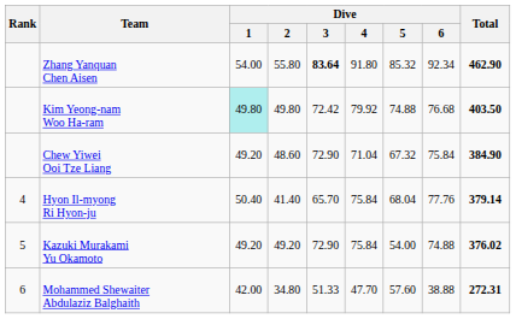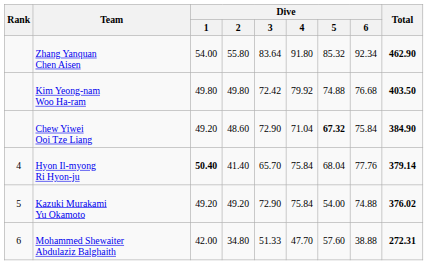 <table class=wikitable style="text-align:center">
 <tr>
 <th rowspan="2" width=40>Rank</th>
 <th rowspan="2" width=250>Team</th>
 <th colspan="6">Dive</th>
 <th rowspan="2" width=60>Total</th>
 </tr>
 <tr>
 <th width=45>1</th>
 <th width=45>2</th>
 <th width=45>3</th>
 <th width=45>4</th>
 <th width=45>5</th>
 <th width=45>6</th>
 </tr>
 <tr>
 <td></td>
 <td align=left><br><a href='#'>Zhang Yanquan</a><br><a href='#'>Chen Aisen</a></td>
 <td>54.00</td>
 <td>55.80</td>
-<td><strong>83.64</strong></td>
+<td>83.64</td>
 <td>91.80</td>
 <td>85.32</td>
 <td>92.34</td>
 <td><strong>462.90</strong></td>
 </tr>
 <tr>
 <td></td>
 <td align=left><br><a href='#'>Kim Yeong-nam</a><br><a href='#'>Woo Ha-ram</a></td>
-<td style="background: paleturquoise;">49.80</td>
+<td>49.80</td>
 <td>49.80</td>
 <td>72.42</td>
 <td>79.92</td>
 <td>74.88</td>
 <td>76.68</td>
 <td><strong>403.50</strong></td>
 </tr>
 <tr>
 <td></td>
 <td align=left><br><a href='#'>Chew Yiwei</a><br><a href='#'>Ooi Tze Liang</a></td>
 <td>49.20</td>
 <td>48.60</td>
 <td>72.90</td>
 <td>71.04</td>
-<td>67.32</td>
+<td><strong>67.32</strong></td>
 <td>75.84</td>
 <td><strong>384.90</strong></td>
 </tr>
 <tr>
 <td>4</td>
 <td align=left><br><a href='#'>Hyon Il-myong</a><br><a href='#'>Ri Hyon-ju</a></td>
-<td>50.40</td>
+<td><strong>50.40</strong></td>
 <td>41.40</td>
 <td>65.70</td>
 <td>75.84</td>
 <td>68.04</td>
 <td>77.76</td>
 <td><strong>379.14</strong></td>
 </tr>
 <tr>
 <td>5</td>
 <td align=left><br><a href='#'>Kazuki Murakami</a><br><a href='#'>Yu Okamoto</a></td>
 <td>49.20</td>
 <td>49.20</td>
 <td>72.90</td>
 <td>75.84</td>
 <td>54.00</td>
 <td>74.88</td>
 <td><strong>376.02</strong></td>
 </tr>
 <tr>
 <td>6</td>
 <td align=left><br><a href='#'>Mohammed Shewaiter</a><br><a href='#'>Abdulaziz Balghaith</a></td>
 <td>42.00</td>
 <td>34.80</td>
 <td>51.33</td>
 <td>47.70</td>
 <td>57.60</td>
 <td>38.88</td>
 <td><strong>272.31</strong></td>
 </tr>
 </table>
